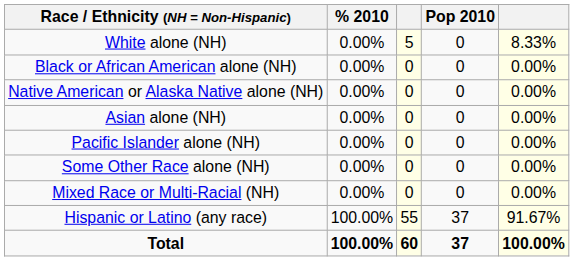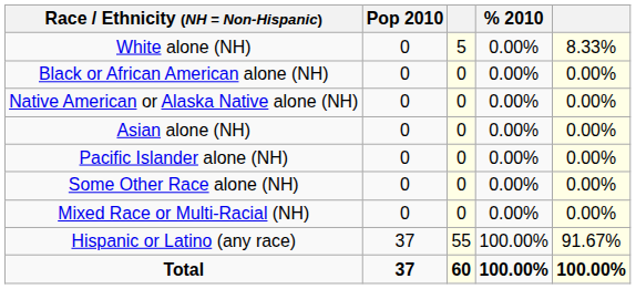 <table class="wikitable" style="text-align:center;">
 <tr>
 <th>Race / Ethnicity <small>(<em>NH = Non-Hispanic</em>)</small></th>
+<th>Pop 2010</th>
+<th></th>
 <th>% 2010</th>
-<th></th>
-<th>Pop 2010</th>
 <th></th>
 </tr>
 <tr>
 <td><a href='#'>White</a> alone (NH)</td>
+<td>0</td>
+<td style='background: #ffffe6;'>5</td>
 <td>0.00%</td>
-<td style='background: #ffffe6;'>5</td>
-<td>0</td>
 <td style='background: #ffffe6;'>8.33%</td>
 </tr>
 <tr>
 <td><a href='#'>Black or African American</a> alone (NH)</td>
+<td>0</td>
+<td style='background: #ffffe6;'>0</td>
 <td>0.00%</td>
-<td style='background: #ffffe6;'>0</td>
-<td>0</td>
 <td style='background: #ffffe6;'>0.00%</td>
 </tr>
 <tr>
 <td><a href='#'>Native American</a> or <a href='#'>Alaska Native</a> alone (NH)</td>
+<td>0</td>
+<td style='background: #ffffe6;'>0</td>
 <td>0.00%</td>
-<td style='background: #ffffe6;'>0</td>
-<td>0</td>
 <td style='background: #ffffe6;'>0.00%</td>
 </tr>
 <tr>
 <td><a href='#'>Asian</a> alone (NH)</td>
+<td>0</td>
+<td style='background: #ffffe6;'>0</td>
 <td>0.00%</td>
-<td style='background: #ffffe6;'>0</td>
-<td>0</td>
 <td style='background: #ffffe6;'>0.00%</td>
 </tr>
 <tr>
 <td><a href='#'>Pacific Islander</a> alone (NH)</td>
+<td>0</td>
+<td style='background: #ffffe6;'>0</td>
 <td>0.00%</td>
-<td style='background: #ffffe6;'>0</td>
-<td>0</td>
 <td style='background: #ffffe6;'>0.00%</td>
 </tr>
 <tr>
 <td><a href='#'>Some Other Race</a> alone (NH)</td>
+<td>0</td>
+<td style='background: #ffffe6;'>0</td>
 <td>0.00%</td>
-<td style='background: #ffffe6;'>0</td>
-<td>0</td>
 <td style='background: #ffffe6;'>0.00%</td>
 </tr>
 <tr>
 <td><a href='#'>Mixed Race or Multi-Racial</a> (NH)</td>
+<td>0</td>
+<td style='background: #ffffe6;'>0</td>
 <td>0.00%</td>
-<td style='background: #ffffe6;'>0</td>
-<td>0</td>
 <td style='background: #ffffe6;'>0.00%</td>
 </tr>
 <tr>
 <td><a href='#'>Hispanic or Latino</a> (any race)</td>
+<td>37</td>
+<td style='background: #ffffe6;'>55</td>
 <td>100.00%</td>
-<td style='background: #ffffe6;'>55</td>
-<td>37</td>
 <td style='background: #ffffe6;'>91.67%</td>
 </tr>
 <tr>
 <td><strong>Total</strong></td>
+<td><strong>37</strong></td>
+<td style='background: #ffffe6;'><strong>60</strong></td>
 <td><strong>100.00%</strong></td>
-<td style='background: #ffffe6;'><strong>60</strong></td>
-<td><strong>37</strong></td>
 <td style='background: #ffffe6;'><strong>100.00%</strong></td>
 </tr>
 </table>
